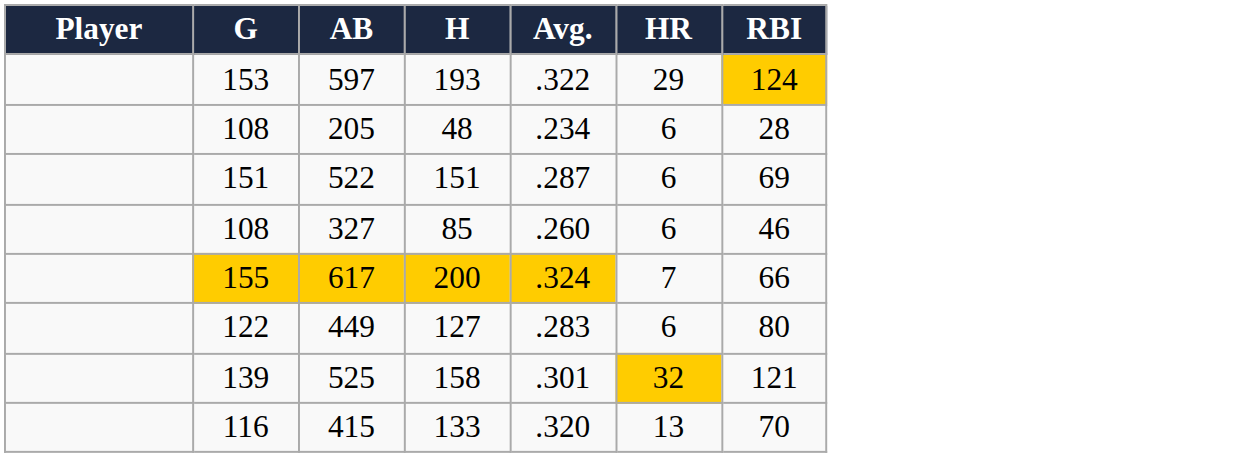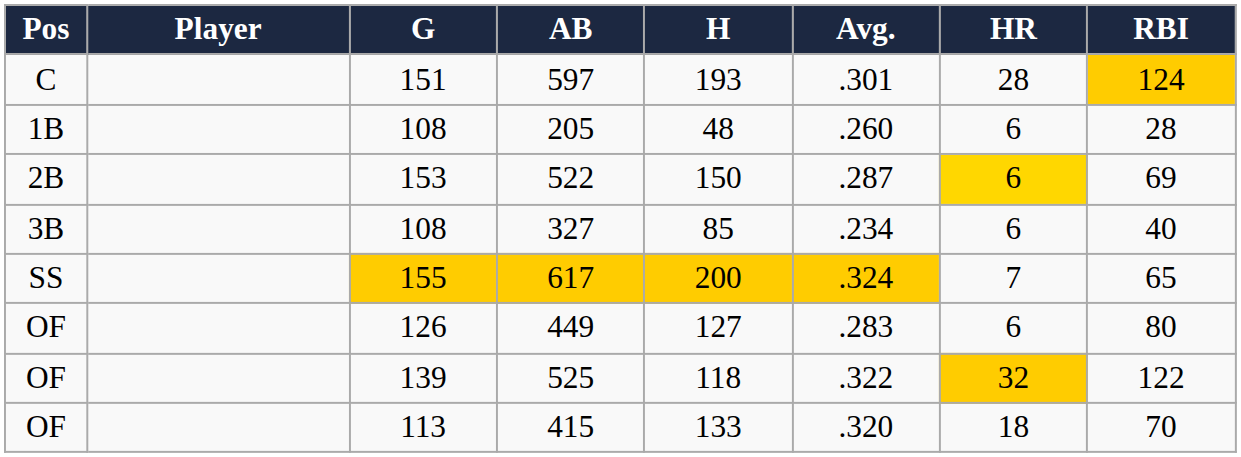 <table class="wikitable sortable" style="text-align:center;">
 <tr>
+<th style="background:#1c2841;color:white;" width="5%">Pos</th>
 <th style="background:#1c2841;color:white;" width="16%">Player</th>
 <th style="background:#1c2841;color:white;" width="9%">G</th>
 <th style="background:#1c2841;color:white;" width="9%">AB</th>
 <th style="background:#1c2841;color:white;" width="9%">H</th>
 <th style="background:#1c2841;color:white;" width="9%">Avg.</th>
 <th style="background:#1c2841;color:white;" width="9%">HR</th>
 <th style="background:#1c2841;color:white;" width="9%">RBI</th>
 </tr>
 <tr align="center">
+<td>C</td>
 <td></td>
-<td>153</td>
+<td>151</td>
 <td>597</td>
 <td>193</td>
-<td>.322</td>
-<td>29</td>
+<td>.301</td>
+<td>28</td>
 <td style="background:#fc0;">124</td>
 </tr>
 <tr align="center">
+<td>1B</td>
 <td></td>
 <td>108</td>
 <td>205</td>
 <td>48</td>
-<td>.234</td>
+<td>.260</td>
 <td>6</td>
 <td>28</td>
 </tr>
 <tr align="center">
+<td>2B</td>
 <td></td>
-<td>151</td>
+<td>153</td>
 <td>522</td>
-<td>151</td>
+<td>150</td>
 <td>.287</td>
-<td>6</td>
+<td style="background: gold;">6</td>
 <td>69</td>
 </tr>
 <tr align="center">
+<td>3B</td>
 <td></td>
 <td>108</td>
 <td>327</td>
 <td>85</td>
-<td>.260</td>
+<td>.234</td>
 <td>6</td>
-<td>46</td>
+<td>40</td>
 </tr>
 <tr align="center">
+<td>SS</td>
 <td></td>
 <td style="background:#fc0;">155</td>
 <td style="background:#fc0;">617</td>
 <td style="background:#fc0;">200</td>
 <td style="background:#fc0;">.324</td>
 <td>7</td>
-<td>66</td>
+<td>65</td>
 </tr>
 <tr align="center">
+<td>OF</td>
 <td></td>
-<td>122</td>
+<td>126</td>
 <td>449</td>
 <td>127</td>
 <td>.283</td>
 <td>6</td>
 <td>80</td>
 </tr>
 <tr align="center">
+<td>OF</td>
 <td></td>
 <td>139</td>
 <td>525</td>
-<td>158</td>
-<td>.301</td>
+<td>118</td>
+<td>.322</td>
 <td style="background:#fc0;">32</td>
-<td>121</td>
+<td>122</td>
 </tr>
 <tr align="center">
+<td>OF</td>
 <td></td>
-<td>116</td>
+<td>113</td>
 <td>415</td>
 <td>133</td>
 <td>.320</td>
-<td>13</td>
+<td>18</td>
 <td>70</td>
 </tr>
 </table>
